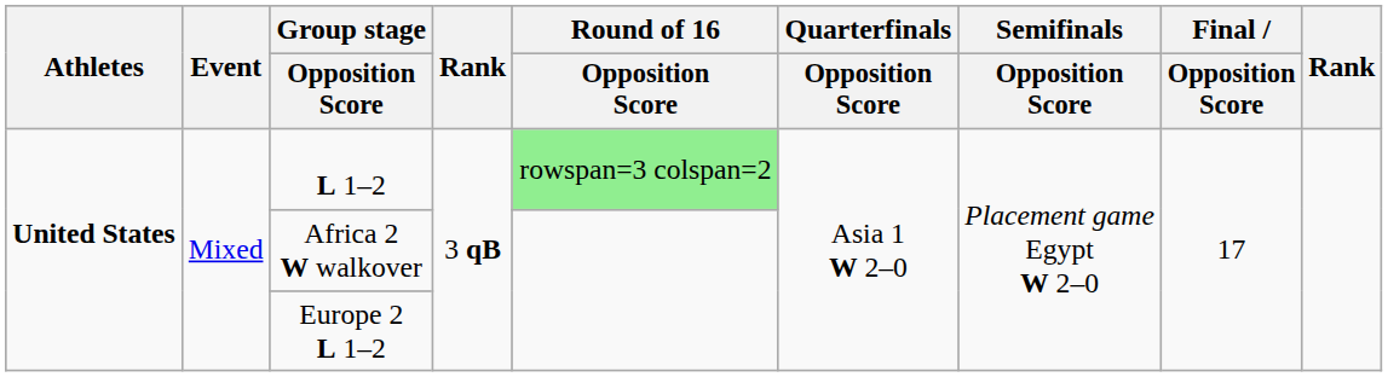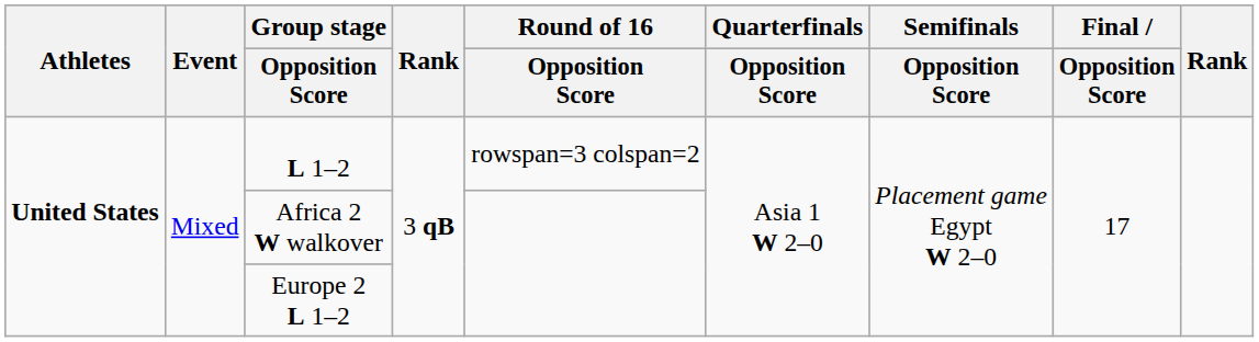 <table class=wikitable style="font-size:90%">
 <tr>
 <th rowspan="2">Athletes</th>
 <th rowspan="2">Event</th>
 <th>Group stage</th>
 <th rowspan="2">Rank</th>
 <th>Round of 16</th>
 <th>Quarterfinals</th>
 <th>Semifinals</th>
 <th>Final / </th>
 <th rowspan=2>Rank</th>
 </tr>
 <tr style="font-size:95%">
 <th>Opposition<br>Score</th>
 <th>Opposition<br>Score</th>
 <th>Opposition<br>Score</th>
 <th>Opposition<br>Score</th>
 <th>Opposition<br>Score</th>
 </tr>
 <tr align=center>
 <td align=left rowspan=3><strong>United States</strong><br><br></td>
 <td align=left rowspan=3><a href='#'>Mixed</a></td>
 <td><br><strong>L</strong> 1–2</td>
 <td rowspan=3>3 <strong>qB</strong></td>
-<td style="background: lightgreen;">rowspan=3 colspan=2 </td>
+<td>rowspan=3 colspan=2 </td>
 <td rowspan=3>Asia 1<br><strong>W</strong> 2–0</td>
 <td rowspan=3><em>Placement game</em><br>Egypt<br><strong>W</strong> 2–0</td>
 <td rowspan=3>17</td>
 </tr>
 <tr align=center>
 <td>Africa 2<br><strong>W</strong> walkover</td>
 </tr>
 <tr align=center>
 <td>Europe 2<br><strong>L</strong> 1–2</td>
 </tr>
 </table>
